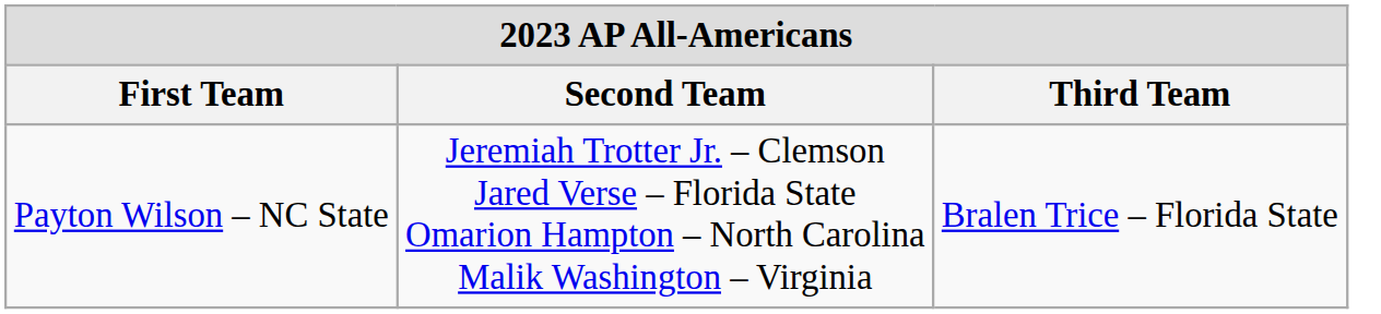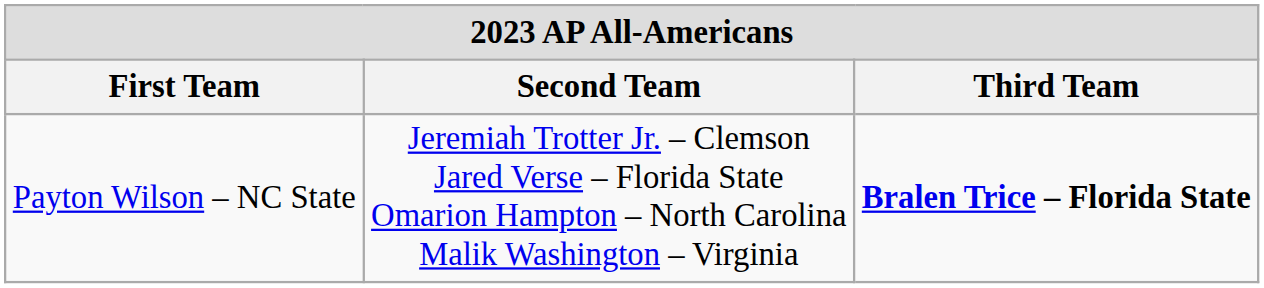 <table class="wikitable" style="white-space:nowrap; text-align:center; font-size:90%;">
 <tr>
 <td colspan="7" style="text-align:center; background:#ddd;"><strong>2023 AP All-Americans</strong></td>
 </tr>
 <tr>
 <th>First Team</th>
 <th>Second Team</th>
 <th>Third Team</th>
 </tr>
 <tr>
 <td><a href='#'>Payton Wilson</a> – NC State</td>
 <td><a href='#'>Jeremiah Trotter Jr.</a> – Clemson<br><a href='#'>Jared Verse</a> – Florida State<br><a href='#'>Omarion Hampton</a> – North Carolina<br><a href='#'>Malik Washington</a> – Virginia</td>
-<td><a href='#'>Bralen Trice</a> – Florida State</td>
+<td><strong><a href='#'>Bralen Trice</a> – Florida State</strong></td>
 </tr>
 </table>
